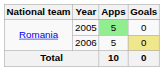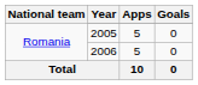 <table class="wikitable" style="text-align: center;">
 <tr>
 <th>National team</th>
 <th>Year</th>
 <th>Apps</th>
 <th>Goals</th>
 </tr>
 <tr>
 <td rowspan="3"><a href='#'>Romania</a></td>
 </tr>
 <tr>
 <td>2005</td>
-<td style="background: lightgreen;">5</td>
+<td>5</td>
 <td>0</td>
 </tr>
 <tr>
 <td>2006</td>
 <td>5</td>
-<td style="background: khaki;">0</td>
+<td>0</td>
 </tr>
 <tr>
 <th colspan=2>Total</th>
 <th>10</th>
 <th>0</th>
 </tr>
 </table>
